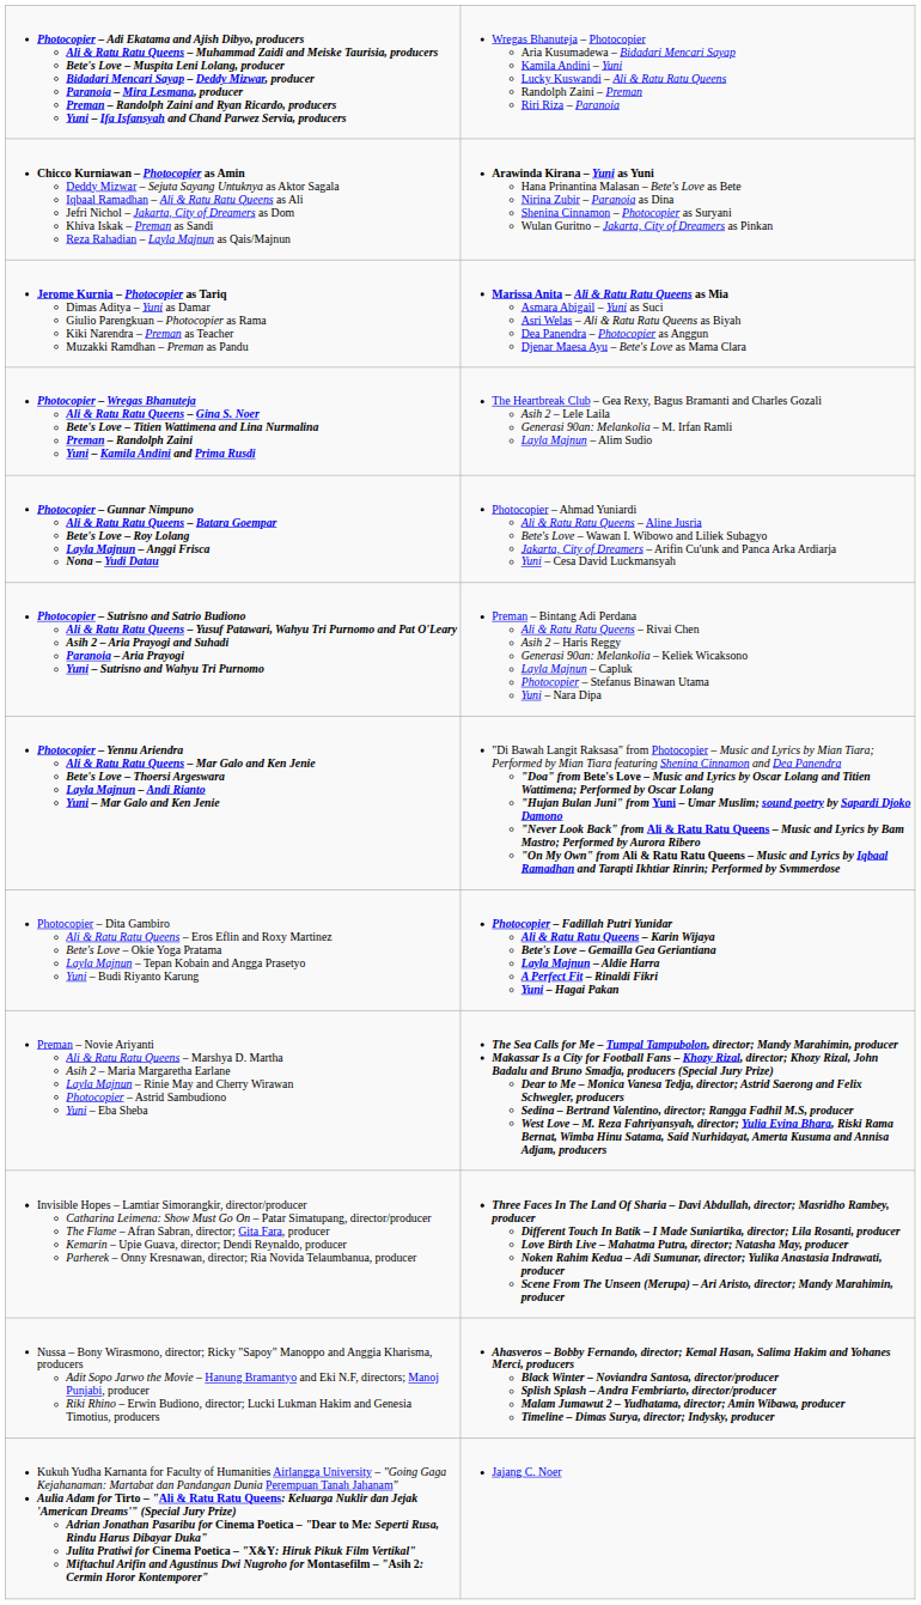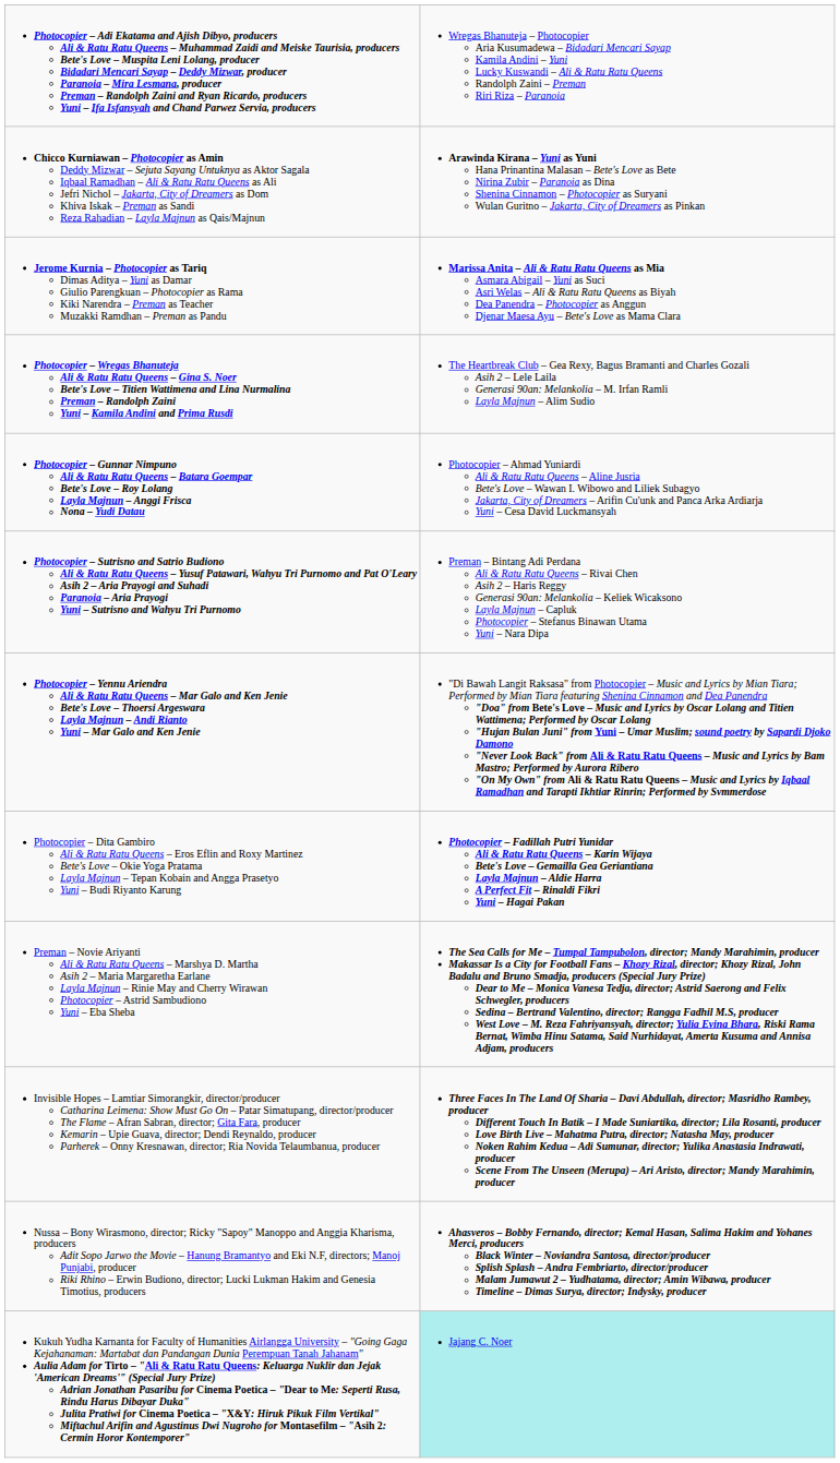 <table class="wikitable" role="presentation">
 <tr>
 <td style="vertical-align:top; width:50%;"><br><ul><li><strong><em><a href='#'>Photocopier</a><em> – Adi Ekatama and Ajish Dibyo, producers<strong><ul><li></em><a href='#'>Ali & Ratu Ratu Queens</a><em> – Muhammad Zaidi and Meiske Taurisia, producers</li><li></em>Bete's Love<em> – Muspita Leni Lolang, producer</li><li></em><a href='#'>Bidadari Mencari Sayap</a><em> – <a href='#'>Deddy Mizwar</a>, producer</li><li></em><a href='#'>Paranoia</a><em> – <a href='#'>Mira Lesmana</a>, producer</li><li></em><a href='#'>Preman</a><em> – Randolph Zaini and Ryan Ricardo, producers</li><li></em><a href='#'>Yuni</a><em> – <a href='#'>Ifa Isfansyah</a> and Chand Parwez Servia, producers</li></ul></li></ul></td>
 <td style="vertical-align:top; width:50%;"><br><ul><li></strong><a href='#'>Wregas Bhanuteja</a> – </em><a href='#'>Photocopier</a></em></strong><ul><li>Aria Kusumadewa – <em><a href='#'>Bidadari Mencari Sayap</a></em></li><li><a href='#'>Kamila Andini</a> – <em><a href='#'>Yuni</a></em></li><li><a href='#'>Lucky Kuswandi</a> – <em><a href='#'>Ali & Ratu Ratu Queens</a></em></li><li>Randolph Zaini – <em><a href='#'>Preman</a></em></li><li><a href='#'>Riri Riza</a> – <em><a href='#'>Paranoia</a></em></li></ul></li></ul></td>
 </tr>
 <tr>
 <td style="vertical-align:top; width:50%;"><br><ul><li><strong>Chicco Kurniawan – <em><a href='#'>Photocopier</a></em> as Amin</strong><ul><li><a href='#'>Deddy Mizwar</a> – <em>Sejuta Sayang Untuknya</em> as Aktor Sagala</li><li><a href='#'>Iqbaal Ramadhan</a> – <em><a href='#'>Ali & Ratu Ratu Queens</a></em> as Ali</li><li>Jefri Nichol – <em><a href='#'>Jakarta, City of Dreamers</a></em> as Dom</li><li>Khiva Iskak – <em><a href='#'>Preman</a></em> as Sandi</li><li><a href='#'>Reza Rahadian</a> – <em><a href='#'>Layla Majnun</a></em> as Qais/Majnun</li></ul></li></ul></td>
 <td style="vertical-align:top; width:50%;"><br><ul><li><strong>Arawinda Kirana – <em><a href='#'>Yuni</a></em> as Yuni</strong><ul><li>Hana Prinantina Malasan – <em>Bete's Love</em> as Bete</li><li><a href='#'>Nirina Zubir</a> – <em><a href='#'>Paranoia</a></em> as Dina</li><li><a href='#'>Shenina Cinnamon</a> – <em><a href='#'>Photocopier</a></em> as Suryani</li><li>Wulan Guritno – <em><a href='#'>Jakarta, City of Dreamers</a></em> as Pinkan</li></ul></li></ul></td>
 </tr>
 <tr>
 <td style="vertical-align:top; width:50%;"><br><ul><li><strong><a href='#'>Jerome Kurnia</a> – <em><a href='#'>Photocopier</a></em> as Tariq</strong><ul><li>Dimas Aditya – <em><a href='#'>Yuni</a></em> as Damar</li><li>Giulio Parengkuan – <em>Photocopier</em> as Rama</li><li>Kiki Narendra – <em><a href='#'>Preman</a></em> as Teacher</li><li>Muzakki Ramdhan – <em>Preman</em> as Pandu</li></ul></li></ul></td>
 <td style="vertical-align:top; width:50%;"><br><ul><li><strong><a href='#'>Marissa Anita</a> – <em><a href='#'>Ali & Ratu Ratu Queens</a></em> as Mia</strong><ul><li><a href='#'>Asmara Abigail</a> – <em><a href='#'>Yuni</a></em> as Suci</li><li><a href='#'>Asri Welas</a> – <em>Ali & Ratu Ratu Queens</em> as Biyah</li><li><a href='#'>Dea Panendra</a> – <em><a href='#'>Photocopier</a></em> as Anggun</li><li><a href='#'>Djenar Maesa Ayu</a> – <em>Bete's Love</em> as Mama Clara</li></ul></li></ul></td>
 </tr>
 <tr>
 <td style="vertical-align:top; width:50%;"><br><ul><li><strong><em><a href='#'>Photocopier</a><em> – <a href='#'>Wregas Bhanuteja</a><strong><ul><li></em><a href='#'>Ali & Ratu Ratu Queens</a><em> – <a href='#'>Gina S. Noer</a></li><li></em>Bete's Love<em> – Titien Wattimena and Lina Nurmalina</li><li></em><a href='#'>Preman</a><em> – Randolph Zaini</li><li></em><a href='#'>Yuni</a><em> – <a href='#'>Kamila Andini</a> and <a href='#'>Prima Rusdi</a></li></ul></li></ul></td>
 <td style="vertical-align:top; width:50%;"><br><ul><li></em></strong><a href='#'>The Heartbreak Club</a></em> – Gea Rexy, Bagus Bramanti and Charles Gozali</strong><ul><li><em>Asih 2</em> – Lele Laila</li><li><em>Generasi 90an: Melankolia</em> – M. Irfan Ramli</li><li><em><a href='#'>Layla Majnun</a></em> – Alim Sudio</li></ul></li></ul></td>
 </tr>
 <tr>
 <td style="vertical-align:top; width:50%;"><br><ul><li><strong><em><a href='#'>Photocopier</a><em> – Gunnar Nimpuno<strong><ul><li></em><a href='#'>Ali & Ratu Ratu Queens</a><em> – <a href='#'>Batara Goempar</a></li><li></em>Bete's Love<em> – Roy Lolang</li><li></em><a href='#'>Layla Majnun</a><em> – Anggi Frisca</li><li></em>Nona<em> – <a href='#'>Yudi Datau</a></li></ul></li></ul></td>
 <td style="vertical-align:top; width:50%;"><br><ul><li></em></strong><a href='#'>Photocopier</a></em> – Ahmad Yuniardi</strong><ul><li><em><a href='#'>Ali & Ratu Ratu Queens</a></em> – <a href='#'>Aline Jusria</a></li><li><em>Bete's Love</em> – Wawan I. Wibowo and Liliek Subagyo</li><li><em><a href='#'>Jakarta, City of Dreamers</a></em> – Arifin Cu'unk and Panca Arka Ardiarja</li><li><em><a href='#'>Yuni</a></em> – Cesa David Luckmansyah</li></ul></li></ul></td>
 </tr>
 <tr>
 <td style="vertical-align:top; width:50%;"><br><ul><li><strong><em><a href='#'>Photocopier</a><em> – Sutrisno and Satrio Budiono<strong><ul><li></em><a href='#'>Ali & Ratu Ratu Queens</a><em> – Yusuf Patawari, Wahyu Tri Purnomo and Pat O'Leary</li><li></em>Asih 2<em> – Aria Prayogi and Suhadi</li><li></em><a href='#'>Paranoia</a><em> – Aria Prayogi</li><li></em><a href='#'>Yuni</a><em> – Sutrisno and Wahyu Tri Purnomo</li></ul></li></ul></td>
 <td style="vertical-align:top; width:50%;"><br><ul><li></em></strong><a href='#'>Preman</a></em> – Bintang Adi Perdana</strong><ul><li><em><a href='#'>Ali & Ratu Ratu Queens</a></em> – Rivai Chen</li><li><em>Asih 2</em> – Haris Reggy</li><li><em>Generasi 90an: Melankolia</em> – Keliek Wicaksono</li><li><em><a href='#'>Layla Majnun</a></em> – Capluk</li><li><em><a href='#'>Photocopier</a></em> – Stefanus Binawan Utama</li><li><em><a href='#'>Yuni</a></em> – Nara Dipa</li></ul></li></ul></td>
 </tr>
 <tr>
 <td style="vertical-align:top; width:50%;"><br><ul><li><strong><em><a href='#'>Photocopier</a><em> – Yennu Ariendra<strong><ul><li></em><a href='#'>Ali & Ratu Ratu Queens</a><em> – Mar Galo and Ken Jenie</li><li></em>Bete's Love<em> – Thoersi Argeswara</li><li></em><a href='#'>Layla Majnun</a><em> – <a href='#'>Andi Rianto</a></li><li></em><a href='#'>Yuni</a><em> – Mar Galo and Ken Jenie</li></ul></li></ul></td>
 <td style="vertical-align:top; width:50%;"><br><ul><li></strong>"Di Bawah Langit Raksasa" from </em><a href='#'>Photocopier</a><em> – Music and Lyrics by Mian Tiara; Performed by Mian Tiara featuring <a href='#'>Shenina Cinnamon</a> and <a href='#'>Dea Panendra</a><strong><ul><li>"Doa" from </em>Bete's Love<em> – Music and Lyrics by Oscar Lolang and Titien Wattimena; Performed by Oscar Lolang</li><li>"Hujan Bulan Juni" from </em><a href='#'>Yuni</a><em> – Umar Muslim; <a href='#'>sound poetry</a> by <a href='#'>Sapardi Djoko Damono</a></li><li>"Never Look Back" from </em><a href='#'>Ali & Ratu Ratu Queens</a><em> – Music and Lyrics by Bam Mastro; Performed by Aurora Ribero</li><li>"On My Own" from </em>Ali & Ratu Ratu Queens<em> – Music and Lyrics by <a href='#'>Iqbaal Ramadhan</a> and Tarapti Ikhtiar Rinrin; Performed by Svmmerdose</li></ul></li></ul></td>
 </tr>
 <tr>
 <td style="vertical-align:top; width:50%;"><br><ul><li></em></strong><a href='#'>Photocopier</a></em> – Dita Gambiro</strong><ul><li><em><a href='#'>Ali & Ratu Ratu Queens</a></em> – Eros Eflin and Roxy Martinez</li><li><em>Bete's Love</em> – Okie Yoga Pratama</li><li><em><a href='#'>Layla Majnun</a></em> – Tepan Kobain and Angga Prasetyo</li><li><em><a href='#'>Yuni</a></em> – Budi Riyanto Karung</li></ul></li></ul></td>
 <td style="vertical-align:top; width:50%;"><br><ul><li><strong><em><a href='#'>Photocopier</a><em> – Fadillah Putri Yunidar<strong><ul><li></em><a href='#'>Ali & Ratu Ratu Queens</a><em> – Karin Wijaya</li><li></em>Bete's Love<em> – Gemailla Gea Geriantiana</li><li></em><a href='#'>Layla Majnun</a><em> – Aldie Harra</li><li></em><a href='#'>A Perfect Fit</a><em> – Rinaldi Fikri</li><li></em><a href='#'>Yuni</a><em> – Hagai Pakan</li></ul></li></ul></td>
 </tr>
 <tr>
 <td style="vertical-align:top; width:50%;"><br><ul><li></em></strong><a href='#'>Preman</a></em> – Novie Ariyanti</strong><ul><li><em><a href='#'>Ali & Ratu Ratu Queens</a></em> – Marshya D. Martha</li><li><em>Asih 2</em> – Maria Margaretha Earlane</li><li><em><a href='#'>Layla Majnun</a></em> – Rinie May and Cherry Wirawan</li><li><em><a href='#'>Photocopier</a></em> – Astrid Sambudiono</li><li><em><a href='#'>Yuni</a></em> – Eba Sheba</li></ul></li></ul></td>
 <td style="vertical-align:top; width:50%;"><br><ul><li><strong><em>The Sea Calls for Me<em> – <a href='#'>Tumpal Tampubolon</a>, director; Mandy Marahimin, producer<strong></li><li></em>Makassar Is a City for Football Fans<em> – <a href='#'>Khozy Rizal</a>, director; Khozy Rizal, John Badalu and Bruno Smadja, producers (Special Jury Prize)<ul><li></em>Dear to Me<em> – Monica Vanesa Tedja, director; Astrid Saerong and Felix Schwegler, producers</li><li></em>Sedina<em> – Bertrand Valentino, director; Rangga Fadhil M.S, producer</li><li></em>West Love<em> – M. Reza Fahriyansyah, director; <a href='#'>Yulia Evina Bhara</a>, Riski Rama Bernat, Wimba Hinu Satama, Said Nurhidayat, Amerta Kusuma and Annisa Adjam, producers</li></ul></li></ul></td>
 </tr>
 <tr>
 <td style="vertical-align:top; width:50%;"><br><ul><li></em></strong>Invisible Hopes</em> – Lamtiar Simorangkir, director/producer</strong><ul><li><em>Catharina Leimena: Show Must Go On</em> – Patar Simatupang, director/producer</li><li><em>The Flame</em> – Afran Sabran, director; <a href='#'>Gita Fara</a>, producer</li><li><em>Kemarin</em> – Upie Guava, director; Dendi Reynaldo, producer</li><li><em>Parherek</em> – Onny Kresnawan, director; Ria Novida Telaumbanua, producer</li></ul></li></ul></td>
 <td style="vertical-align:top; width:50%;"><br><ul><li><strong><em>Three Faces In The Land Of Sharia<em> – Davi Abdullah, director; Masridho Rambey, producer<strong><ul><li></em>Different Touch In Batik<em> – I Made Suniartika, director; Lila Rosanti, producer</li><li></em>Love Birth Live<em> – Mahatma Putra, director; Natasha May, producer</li><li></em>Noken Rahim Kedua<em> – Adi Sumunar, director; Yulika Anastasia Indrawati, producer</li><li></em>Scene From The Unseen (Merupa)<em> – Ari Aristo, director; Mandy Marahimin, producer</li></ul></li></ul></td>
 </tr>
 <tr>
 <td style="vertical-align:top; width:50%;"><br><ul><li></em></strong>Nussa</em> – Bony Wirasmono, director; Ricky "Sapoy" Manoppo and Anggia Kharisma, producers</strong><ul><li><em>Adit Sopo Jarwo the Movie</em> – <a href='#'>Hanung Bramantyo</a> and Eki N.F, directors; <a href='#'>Manoj Punjabi</a>, producer</li><li><em>Riki Rhino</em> – Erwin Budiono, director; Lucki Lukman Hakim and Genesia Timotius, producers</li></ul></li></ul></td>
 <td style="vertical-align:top; width:50%;"><br><ul><li><strong><em>Ahasveros<em> – Bobby Fernando, director; Kemal Hasan, Salima Hakim and Yohanes Merci, producers<strong><ul><li></em>Black Winter<em> – Noviandra Santosa, director/producer</li><li></em>Splish Splash<em> – Andra Fembriarto, director/producer</li><li></em>Malam Jumawut 2<em> – Yudhatama, director; Amin Wibawa, producer</li><li></em>Timeline<em> – Dimas Surya, director; Indysky, producer</li></ul></li></ul></td>
 </tr>
 <tr>
 <td style="vertical-align:top; width:50%;"><br><ul><li></strong>Kukuh Yudha Karnanta for </em>Faculty of Humanities <a href='#'>Airlangga University</a><em> – "Going Gaga Kejahanaman: Martabat dan Pandangan Dunia </em><a href='#'>Perempuan Tanah Jahanam</a><em>"<strong></li><li>Aulia Adam for </em>Tirto<em> – "</em><a href='#'>Ali & Ratu Ratu Queens</a><em>: Keluarga Nuklir dan Jejak 'American Dreams'" (Special Jury Prize)<ul><li>Adrian Jonathan Pasaribu for </em>Cinema Poetica<em> – "</em>Dear to Me<em>: Seperti Rusa, Rindu Harus Dibayar Duka"</li><li>Julita Pratiwi for </em>Cinema Poetica<em> – "</em>X&Y<em>: Hiruk Pikuk Film Vertikal"</li><li>Miftachul Arifin and Agustinus Dwi Nugroho for </em>Montasefilm<em> – "</em>Asih 2<em>: Cermin Horor Kontemporer"</li></ul></li></ul></td>
-<td style="vertical-align:top; width:50%;"><br><ul><li></strong><a href='#'>Jajang C. Noer</a><strong></li></ul></td>
+<td style="background: paleturquoise; vertical-align:top; width:50%;"><br><ul><li></strong><a href='#'>Jajang C. Noer</a><strong></li></ul></td>
 </tr>
 </table>
